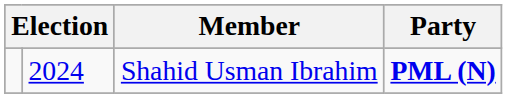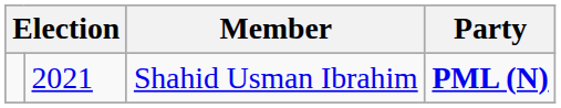 <table class="wikitable">
 <tr>
 <th colspan="2">Election</th>
 <th>Member</th>
 <th>Party</th>
 </tr>
 <tr>
 <td style="background-color: "></td>
-<td><a href='#'>2024</a></td>
+<td><a href='#'>2021</a></td>
 <td><a href='#'>Shahid Usman Ibrahim</a></td>
 <td><strong><a href='#'>PML (N)</a></strong></td>
 </tr>
 </table>
